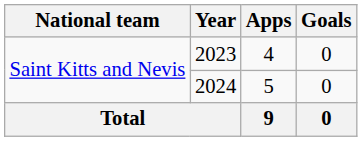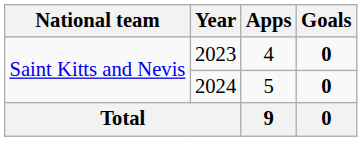 <table class="wikitable" style="text-align: center;">
 <tr>
 <th>National team</th>
 <th>Year</th>
 <th>Apps</th>
 <th>Goals</th>
 </tr>
 <tr>
 <td rowspan="2"><a href='#'>Saint Kitts and Nevis</a></td>
 <td>2023</td>
 <td>4</td>
-<td>0</td>
+<td><strong>0</strong></td>
 </tr>
 <tr>
 <td>2024</td>
 <td>5</td>
-<td>0</td>
+<td><strong>0</strong></td>
 </tr>
 <tr>
 <th colspan="2">Total</th>
 <th>9</th>
 <th>0</th>
 </tr>
 </table>
